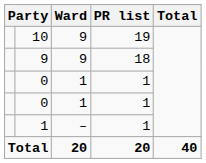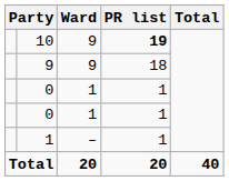 <table class=wikitable style="text-align:right">
 <tr>
 <th colspan=2>Party</th>
 <th>Ward</th>
 <th>PR list</th>
 <th>Total</th>
 </tr>
 <tr>
 <td></td>
 <td>10</td>
 <td>9</td>
-<td>19</td>
+<td><strong>19</strong></td>
 </tr>
 <tr>
 <td></td>
 <td>9</td>
 <td>9</td>
 <td>18</td>
 </tr>
 <tr>
 <td></td>
 <td>0</td>
 <td>1</td>
 <td>1</td>
 </tr>
 <tr>
 <td></td>
 <td>0</td>
 <td>1</td>
 <td>1</td>
 </tr>
 <tr>
 <td></td>
 <td>1</td>
 <td>–</td>
 <td>1</td>
 </tr>
 <tr>
 <td colspan="2" style="text-align:left"><strong>Total</strong></td>
 <td><strong>20</strong></td>
 <td><strong>20</strong></td>
 <td><strong>40</strong></td>
 </tr>
 </table>
